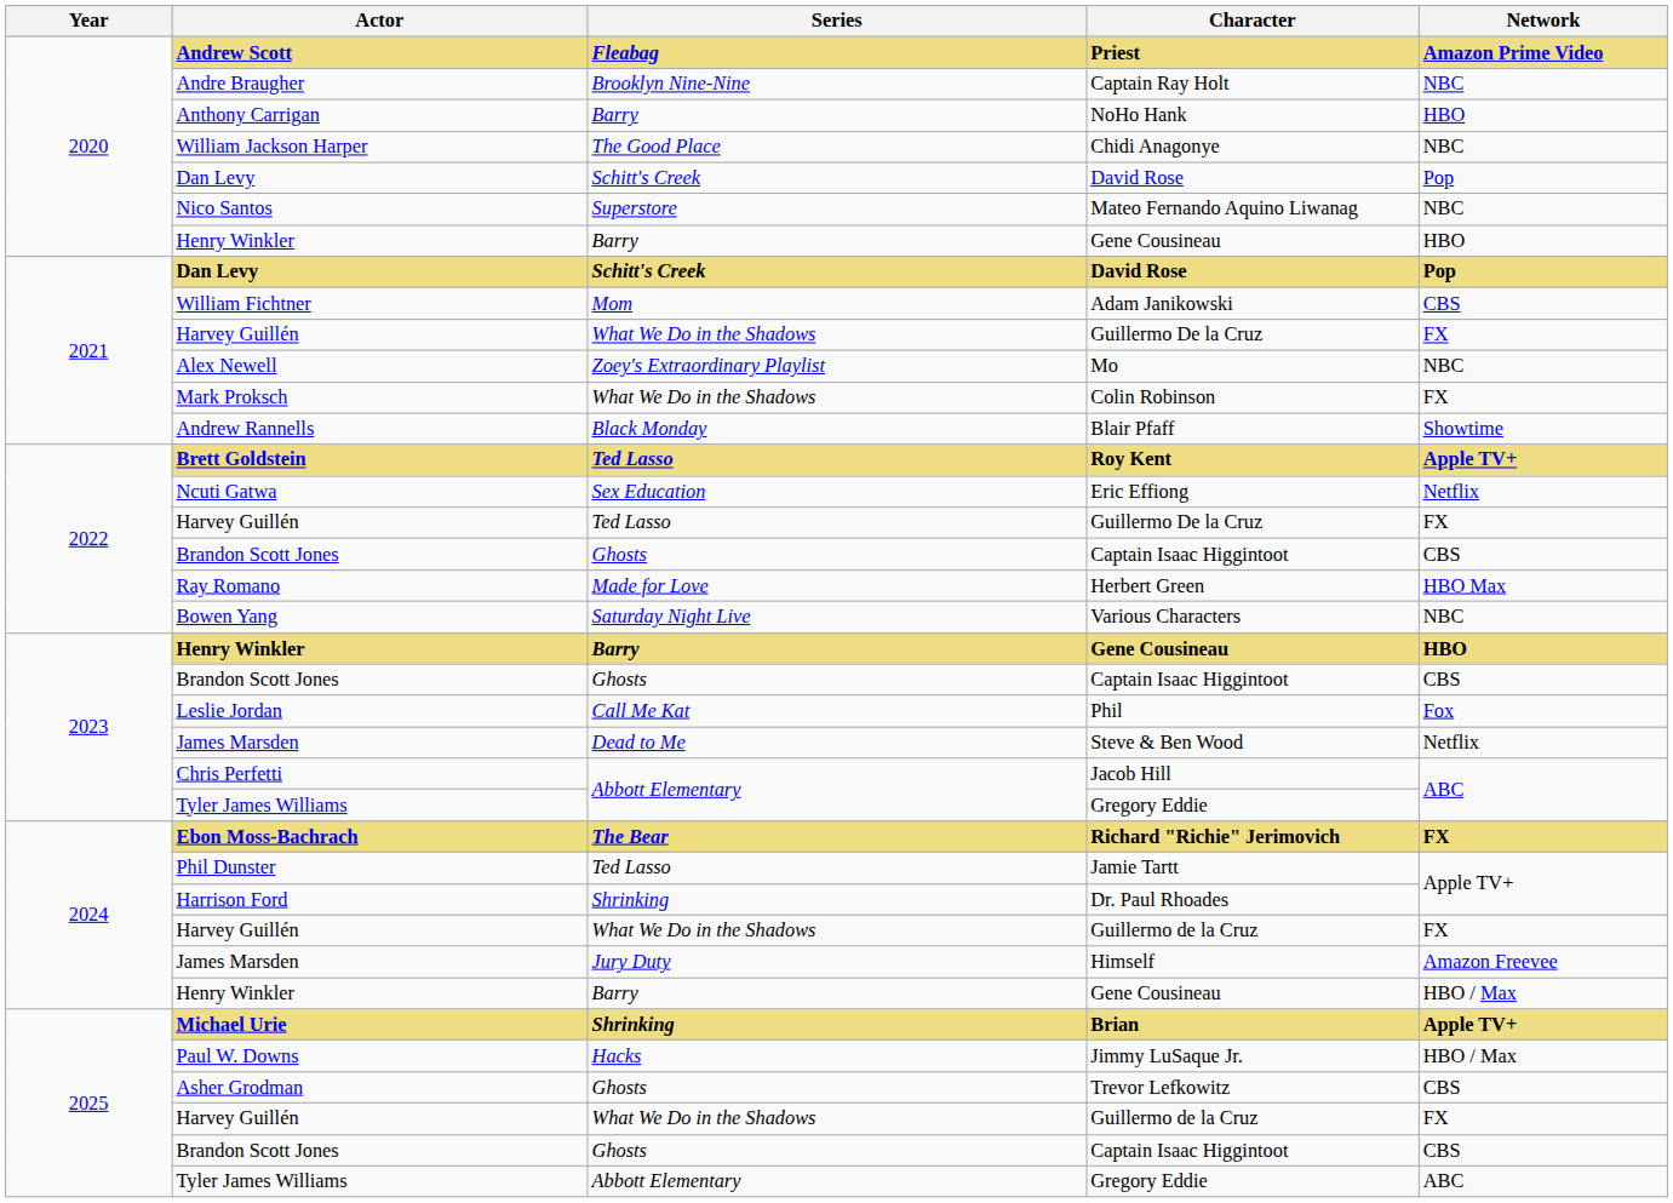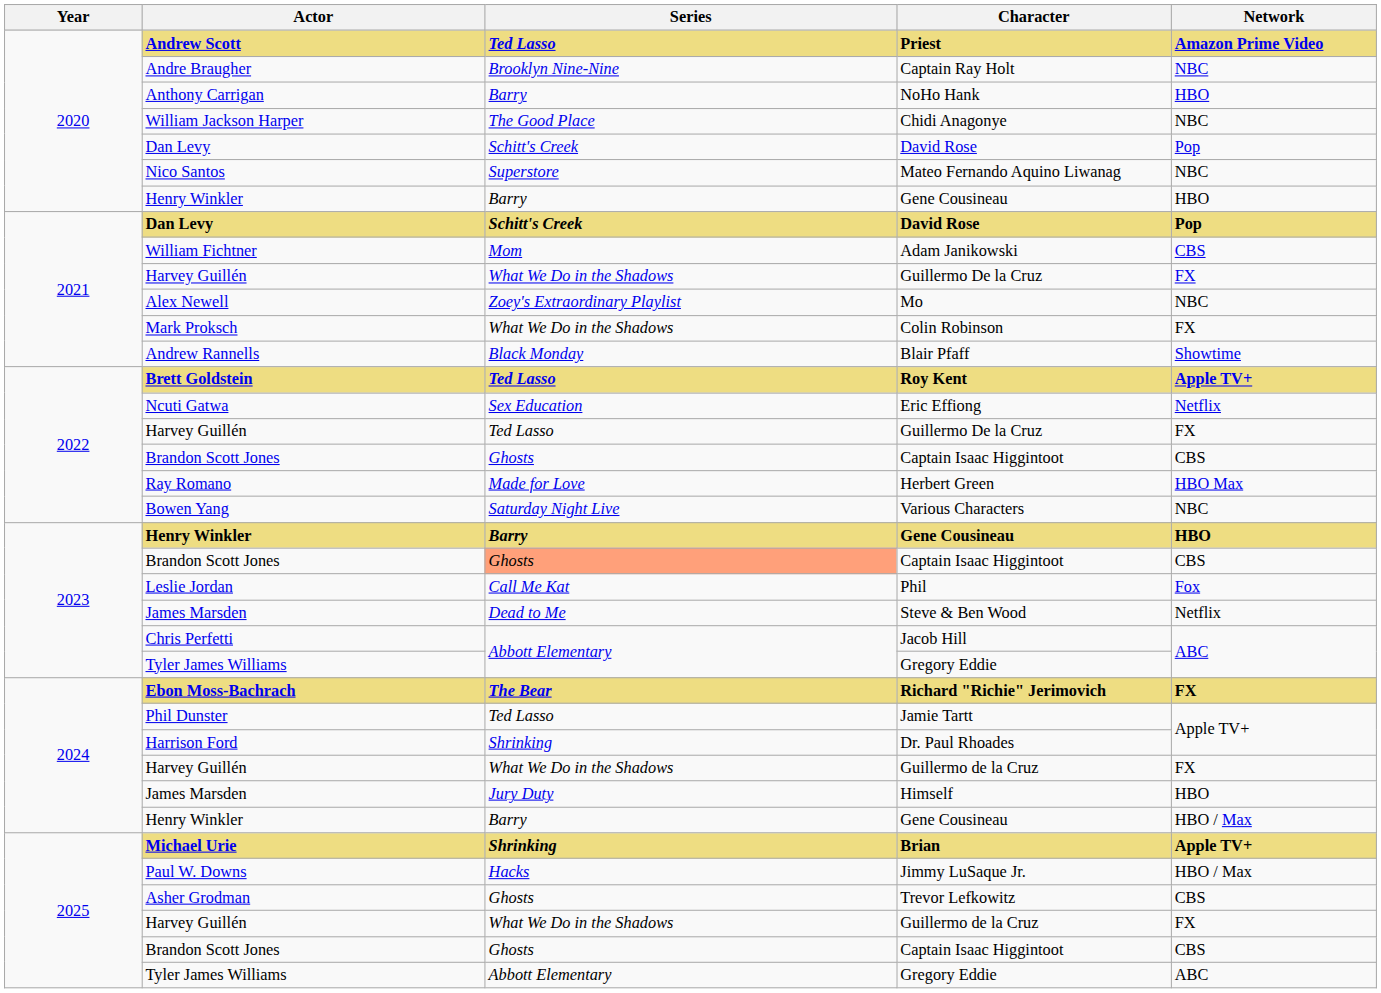 <table class="wikitable" style="width:85%">
 <tr style="background:#bebebe;">
 <th style="width:10%;">Year</th>
 <th style="wodth:25%;">Actor</th>
 <th style="width:30%;">Series</th>
 <th style="width:20%;">Character</th>
 <th style="width:15%;">Network</th>
 </tr>
 <tr>
 <td rowspan="7" style="text-align:center;"><a href='#'>2020</a><br></td>
 <td style="background:#EEDD82;"><strong><a href='#'>Andrew Scott</a></strong></td>
-<td style="background:#EEDD82;"><strong><em><a href='#'>Fleabag</a></em></strong></td>
+<td style="background:#EEDD82;"><strong><em><a href='#'>Ted Lasso</a></em></strong></td>
 <td style="background:#EEDD82;"><strong>Priest</strong></td>
 <td style="background:#EEDD82;"><strong><a href='#'>Amazon Prime Video</a></strong></td>
 </tr>
 <tr>
 <td><a href='#'>Andre Braugher</a></td>
 <td><em><a href='#'>Brooklyn Nine-Nine</a></em></td>
 <td>Captain Ray Holt</td>
 <td><a href='#'>NBC</a></td>
 </tr>
 <tr>
 <td><a href='#'>Anthony Carrigan</a></td>
 <td><em><a href='#'>Barry</a></em></td>
 <td>NoHo Hank</td>
 <td><a href='#'>HBO</a></td>
 </tr>
 <tr>
 <td><a href='#'>William Jackson Harper</a></td>
 <td><em><a href='#'>The Good Place</a></em></td>
 <td>Chidi Anagonye</td>
 <td>NBC</td>
 </tr>
 <tr>
 <td><a href='#'>Dan Levy</a></td>
 <td><em><a href='#'>Schitt's Creek</a></em></td>
 <td><a href='#'>David Rose</a></td>
 <td><a href='#'>Pop</a></td>
 </tr>
 <tr>
 <td><a href='#'>Nico Santos</a></td>
 <td><em><a href='#'>Superstore</a></em></td>
 <td>Mateo Fernando Aquino Liwanag</td>
 <td>NBC</td>
 </tr>
 <tr>
 <td><a href='#'>Henry Winkler</a></td>
 <td><em>Barry</em></td>
 <td>Gene Cousineau</td>
 <td>HBO</td>
 </tr>
 <tr>
 <td rowspan="6" style="text-align:center;"><a href='#'>2021</a><br></td>
 <td style="background:#EEDD82;"><strong>Dan Levy</strong></td>
 <td style="background:#EEDD82;"><strong><em>Schitt's Creek</em></strong></td>
 <td style="background:#EEDD82;"><strong>David Rose</strong></td>
 <td style="background:#EEDD82;"><strong>Pop</strong></td>
 </tr>
 <tr>
 <td><a href='#'>William Fichtner</a></td>
 <td><em><a href='#'>Mom</a></em></td>
 <td>Adam Janikowski</td>
 <td><a href='#'>CBS</a></td>
 </tr>
 <tr>
 <td><a href='#'>Harvey Guillén</a></td>
 <td><em><a href='#'>What We Do in the Shadows</a></em></td>
 <td>Guillermo De la Cruz</td>
 <td><a href='#'>FX</a></td>
 </tr>
 <tr>
 <td><a href='#'>Alex Newell</a></td>
 <td><em><a href='#'>Zoey's Extraordinary Playlist</a></em></td>
 <td>Mo</td>
 <td>NBC</td>
 </tr>
 <tr>
 <td><a href='#'>Mark Proksch</a></td>
 <td><em>What We Do in the Shadows</em></td>
 <td>Colin Robinson</td>
 <td>FX</td>
 </tr>
 <tr>
 <td><a href='#'>Andrew Rannells</a></td>
 <td><em><a href='#'>Black Monday</a></em></td>
 <td>Blair Pfaff</td>
 <td><a href='#'>Showtime</a></td>
 </tr>
 <tr>
 <td rowspan="6" style="text-align:center;"><a href='#'>2022</a><br></td>
 <td style="background:#EEDD82;"><strong><a href='#'>Brett Goldstein</a></strong></td>
 <td style="background:#EEDD82;"><strong><em><a href='#'>Ted Lasso</a></em></strong></td>
 <td style="background:#EEDD82;"><strong>Roy Kent</strong></td>
 <td style="background:#EEDD82;"><strong><a href='#'>Apple TV+</a></strong></td>
 </tr>
 <tr>
 <td><a href='#'>Ncuti Gatwa</a></td>
 <td><em><a href='#'>Sex Education</a></em></td>
 <td>Eric Effiong</td>
 <td><a href='#'>Netflix</a></td>
 </tr>
 <tr>
 <td>Harvey Guillén</td>
 <td><em>Ted Lasso</em></td>
 <td>Guillermo De la Cruz</td>
 <td>FX</td>
 </tr>
 <tr>
 <td><a href='#'>Brandon Scott Jones</a></td>
 <td><em><a href='#'>Ghosts</a></em></td>
 <td>Captain Isaac Higgintoot</td>
 <td>CBS</td>
 </tr>
 <tr>
 <td><a href='#'>Ray Romano</a></td>
 <td><em><a href='#'>Made for Love</a></em></td>
 <td>Herbert Green</td>
 <td><a href='#'>HBO Max</a></td>
 </tr>
 <tr>
 <td><a href='#'>Bowen Yang</a></td>
 <td><em><a href='#'>Saturday Night Live</a></em></td>
 <td>Various Characters</td>
 <td>NBC</td>
 </tr>
 <tr>
 <td rowspan="6" style="text-align:center;"><a href='#'>2023</a><br></td>
 <td style="background:#EEDD82;"><strong>Henry Winkler</strong></td>
 <td style="background:#EEDD82;"><strong><em>Barry</em></strong></td>
 <td style="background:#EEDD82;"><strong>Gene Cousineau</strong></td>
 <td style="background:#EEDD82;"><strong>HBO</strong></td>
 </tr>
 <tr>
 <td>Brandon Scott Jones</td>
-<td><em>Ghosts</em></td>
+<td style="background: lightsalmon;"><em>Ghosts</em></td>
 <td>Captain Isaac Higgintoot</td>
 <td>CBS</td>
 </tr>
 <tr>
 <td><a href='#'>Leslie Jordan</a></td>
 <td><em><a href='#'>Call Me Kat</a></em></td>
 <td>Phil</td>
 <td><a href='#'>Fox</a></td>
 </tr>
 <tr>
 <td><a href='#'>James Marsden</a></td>
 <td><em><a href='#'>Dead to Me</a></em></td>
 <td>Steve & Ben Wood</td>
 <td>Netflix</td>
 </tr>
 <tr>
 <td><a href='#'>Chris Perfetti</a></td>
 <td rowspan="2"><em><a href='#'>Abbott Elementary</a></em></td>
 <td>Jacob Hill</td>
 <td rowspan="2"><a href='#'>ABC</a></td>
 </tr>
 <tr>
 <td><a href='#'>Tyler James Williams</a></td>
 <td>Gregory Eddie</td>
 </tr>
 <tr>
 <td rowspan="6" style="text-align:center;"><a href='#'>2024</a><br></td>
 <td style="background:#EEDD82;"><strong><a href='#'>Ebon Moss-Bachrach</a></strong></td>
 <td style="background:#EEDD82;"><strong><em><a href='#'>The Bear</a></em></strong></td>
 <td style="background:#EEDD82;"><strong>Richard "Richie" Jerimovich</strong></td>
 <td style="background:#EEDD82;"><strong>FX</strong></td>
 </tr>
 <tr>
 <td><a href='#'>Phil Dunster</a></td>
 <td><em>Ted Lasso</em></td>
 <td>Jamie Tartt</td>
 <td rowspan="2">Apple TV+</td>
 </tr>
 <tr>
 <td><a href='#'>Harrison Ford</a></td>
 <td><em><a href='#'>Shrinking</a></em></td>
 <td>Dr. Paul Rhoades</td>
 </tr>
 <tr>
 <td>Harvey Guillén</td>
 <td><em>What We Do in the Shadows</em></td>
 <td>Guillermo de la Cruz</td>
 <td>FX</td>
 </tr>
 <tr>
 <td>James Marsden</td>
 <td><em><a href='#'>Jury Duty</a></em></td>
 <td>Himself</td>
-<td><a href='#'>Amazon Freevee</a></td>
+<td>HBO</td>
 </tr>
 <tr>
 <td>Henry Winkler</td>
 <td><em>Barry</em></td>
 <td>Gene Cousineau</td>
 <td>HBO / <a href='#'>Max</a></td>
 </tr>
 <tr>
 <td rowspan="6" style="text-align:center;"><a href='#'>2025</a><br></td>
 <td style="background:#EEDD82;"><strong><a href='#'>Michael Urie</a></strong></td>
 <td style="background:#EEDD82;"><strong><em>Shrinking</em></strong></td>
 <td style="background:#EEDD82;"><strong>Brian</strong></td>
 <td style="background:#EEDD82;"><strong>Apple TV+</strong></td>
 </tr>
 <tr>
 <td><a href='#'>Paul W. Downs</a></td>
 <td><em><a href='#'>Hacks</a></em></td>
 <td>Jimmy LuSaque Jr.</td>
 <td>HBO / Max</td>
 </tr>
 <tr>
 <td><a href='#'>Asher Grodman</a></td>
 <td><em>Ghosts</em></td>
 <td>Trevor Lefkowitz</td>
 <td>CBS</td>
 </tr>
 <tr>
 <td>Harvey Guillén</td>
 <td><em>What We Do in the Shadows</em></td>
 <td>Guillermo de la Cruz</td>
 <td>FX</td>
 </tr>
 <tr>
 <td>Brandon Scott Jones</td>
 <td><em>Ghosts</em></td>
 <td>Captain Isaac Higgintoot</td>
 <td>CBS</td>
 </tr>
 <tr>
 <td>Tyler James Williams</td>
 <td><em>Abbott Elementary</em></td>
 <td>Gregory Eddie</td>
 <td>ABC</td>
 </tr>
 </table>
